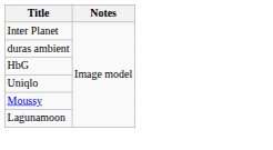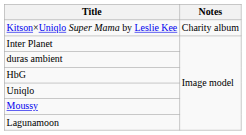 <table class="wikitable">
 <tr>
 <th>Title</th>
 <th>Notes</th>
+</tr>
+<tr>
+<td><a href='#'>Kitson</a>×<a href='#'>Uniqlo</a> <em>Super Mama</em> by <a href='#'>Leslie Kee</a></td>
+<td>Charity album</td>
 </tr>
 <tr>
 <td>Inter Planet</td>
 <td rowspan="6">Image model</td>
 </tr>
 <tr>
 <td>duras ambient</td>
 </tr>
 <tr>
 <td>HbG</td>
 </tr>
 <tr>
 <td>Uniqlo</td>
 </tr>
 <tr>
 <td><a href='#'>Moussy</a></td>
 </tr>
 <tr>
 <td>Lagunamoon</td>
 </tr>
 </table>
